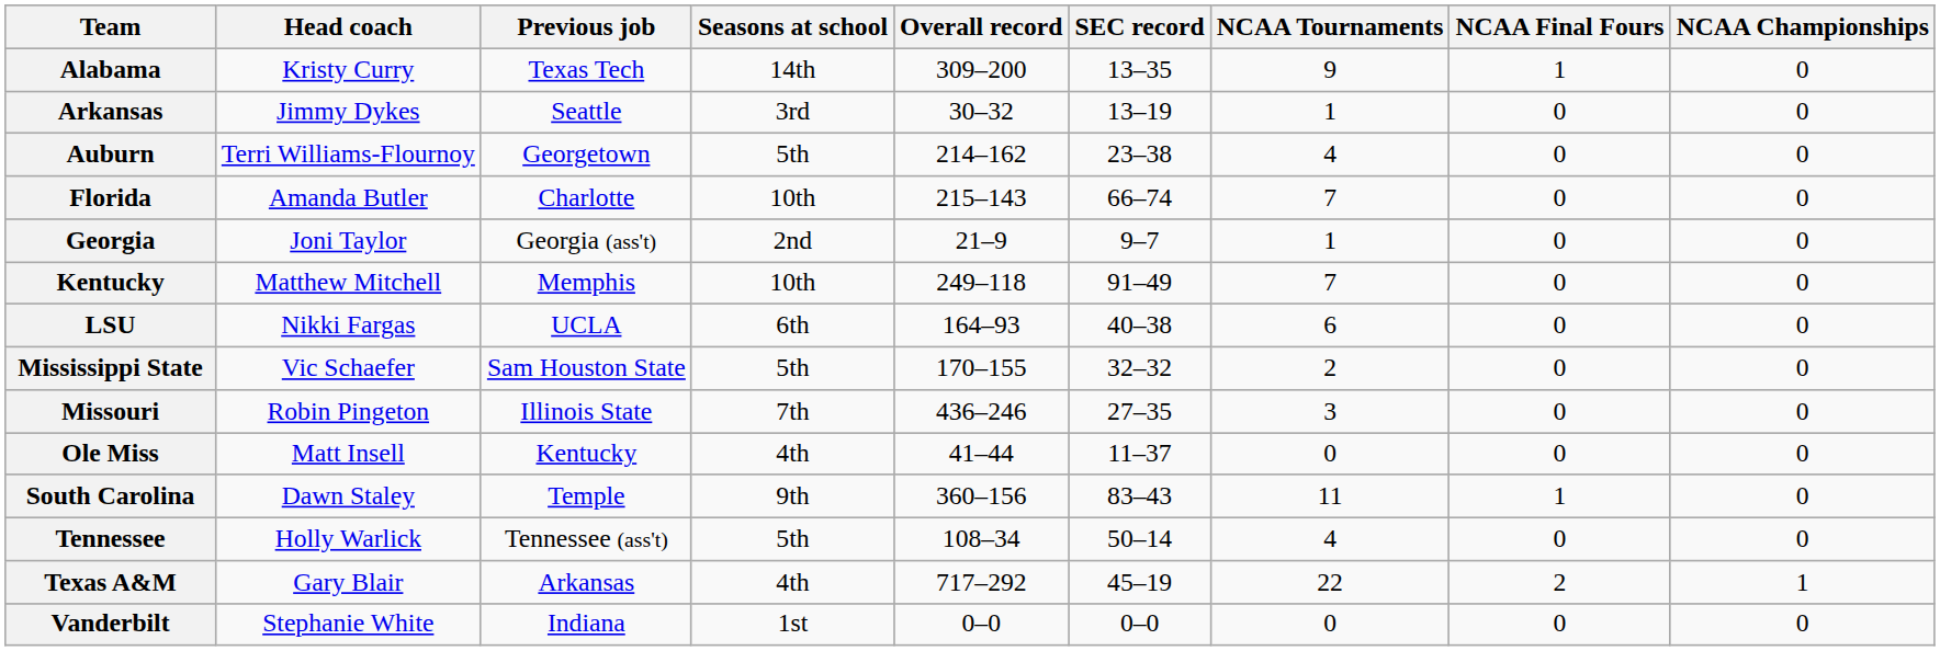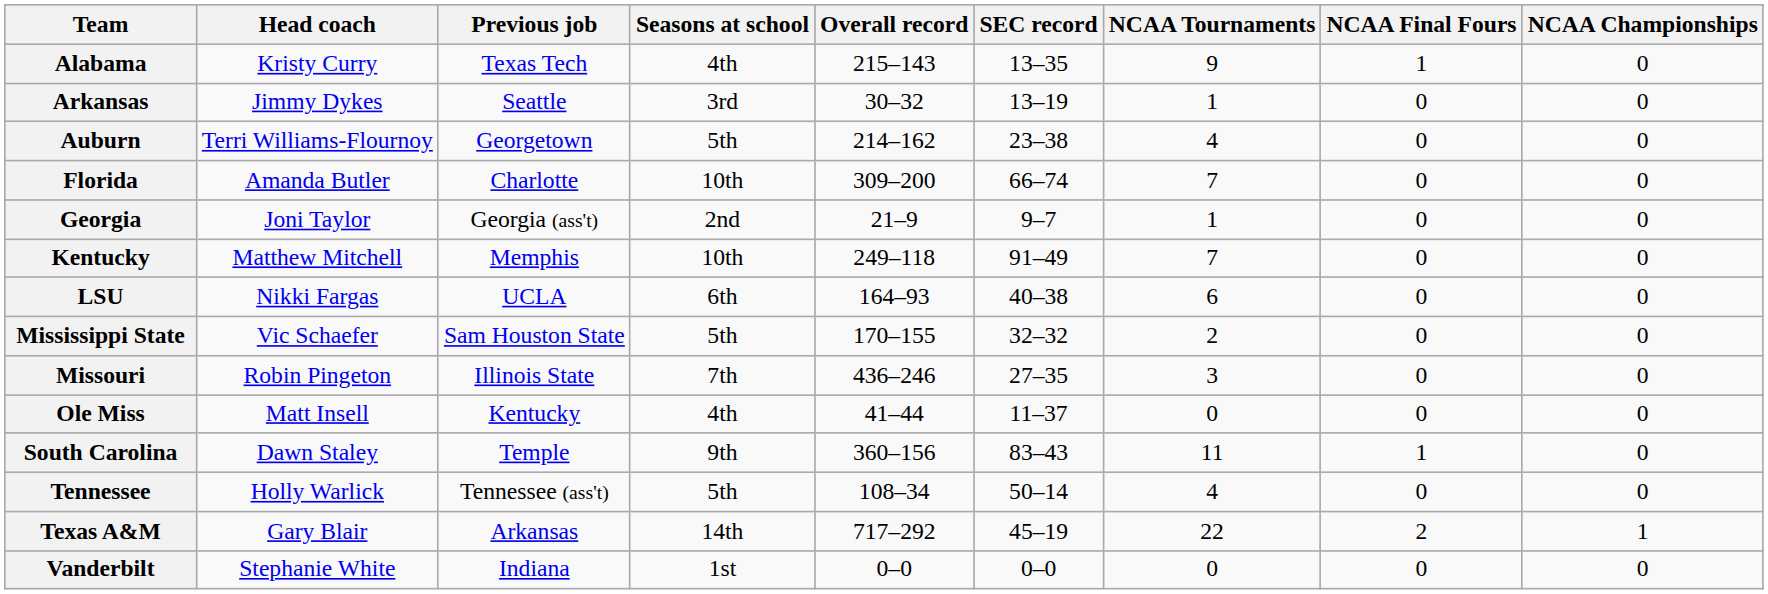 <table class="wikitable sortable" style="text-align: center;font-size:90%;">
 <tr>
 <th width="110">Team</th>
 <th>Head coach</th>
 <th>Previous job</th>
 <th>Seasons at school</th>
 <th>Overall record</th>
 <th>SEC record</th>
 <th>NCAA Tournaments</th>
 <th>NCAA Final Fours</th>
 <th>NCAA Championships</th>
 </tr>
 <tr>
 <th>Alabama</th>
 <td><a href='#'>Kristy Curry</a></td>
 <td><a href='#'>Texas Tech</a></td>
-<td>14th</td>
-<td>309–200</td>
+<td>4th</td>
+<td>215–143</td>
 <td>13–35</td>
 <td>9</td>
 <td>1</td>
 <td>0</td>
 </tr>
 <tr>
 <th>Arkansas</th>
 <td><a href='#'>Jimmy Dykes</a></td>
 <td><a href='#'>Seattle</a></td>
 <td>3rd</td>
 <td>30–32</td>
 <td>13–19</td>
 <td>1</td>
 <td>0</td>
 <td>0</td>
 </tr>
 <tr>
 <th>Auburn</th>
 <td><a href='#'>Terri Williams-Flournoy</a></td>
 <td><a href='#'>Georgetown</a></td>
 <td>5th</td>
 <td>214–162</td>
 <td>23–38</td>
 <td>4</td>
 <td>0</td>
 <td>0</td>
 </tr>
 <tr>
 <th>Florida</th>
 <td><a href='#'>Amanda Butler</a></td>
 <td><a href='#'>Charlotte</a></td>
 <td>10th</td>
-<td>215–143</td>
+<td>309–200</td>
 <td>66–74</td>
 <td>7</td>
 <td>0</td>
 <td>0</td>
 </tr>
 <tr>
 <th>Georgia</th>
 <td><a href='#'>Joni Taylor</a></td>
 <td>Georgia <small>(ass't)</small></td>
 <td>2nd</td>
 <td>21–9</td>
 <td>9–7</td>
 <td>1</td>
 <td>0</td>
 <td>0</td>
 </tr>
 <tr>
 <th>Kentucky</th>
 <td><a href='#'>Matthew Mitchell</a></td>
 <td><a href='#'>Memphis</a></td>
 <td>10th</td>
 <td>249–118</td>
 <td>91–49</td>
 <td>7</td>
 <td>0</td>
 <td>0</td>
 </tr>
 <tr>
 <th>LSU</th>
 <td><a href='#'>Nikki Fargas</a></td>
 <td><a href='#'>UCLA</a></td>
 <td>6th</td>
 <td>164–93</td>
 <td>40–38</td>
 <td>6</td>
 <td>0</td>
 <td>0</td>
 </tr>
 <tr>
 <th>Mississippi State</th>
 <td><a href='#'>Vic Schaefer</a></td>
 <td><a href='#'>Sam Houston State</a></td>
 <td>5th</td>
 <td>170–155</td>
 <td>32–32</td>
 <td>2</td>
 <td>0</td>
 <td>0</td>
 </tr>
 <tr>
 <th>Missouri</th>
 <td><a href='#'>Robin Pingeton</a></td>
 <td><a href='#'>Illinois State</a></td>
 <td>7th</td>
 <td>436–246</td>
 <td>27–35</td>
 <td>3</td>
 <td>0</td>
 <td>0</td>
 </tr>
 <tr>
 <th>Ole Miss</th>
 <td><a href='#'>Matt Insell</a></td>
 <td><a href='#'>Kentucky</a></td>
 <td>4th</td>
 <td>41–44</td>
 <td>11–37</td>
 <td>0</td>
 <td>0</td>
 <td>0</td>
 </tr>
 <tr>
 <th>South Carolina</th>
 <td><a href='#'>Dawn Staley</a></td>
 <td><a href='#'>Temple</a></td>
 <td>9th</td>
 <td>360–156</td>
 <td>83–43</td>
 <td>11</td>
 <td>1</td>
 <td>0</td>
 </tr>
 <tr>
 <th>Tennessee</th>
 <td><a href='#'>Holly Warlick</a></td>
 <td>Tennessee <small>(ass't)</small></td>
 <td>5th</td>
 <td>108–34</td>
 <td>50–14</td>
 <td>4</td>
 <td>0</td>
 <td>0</td>
 </tr>
 <tr>
 <th>Texas A&M</th>
 <td><a href='#'>Gary Blair</a></td>
 <td><a href='#'>Arkansas</a></td>
-<td>4th</td>
+<td>14th</td>
 <td>717–292</td>
 <td>45–19</td>
 <td>22</td>
 <td>2</td>
 <td>1</td>
 </tr>
 <tr>
 <th>Vanderbilt</th>
 <td><a href='#'>Stephanie White</a></td>
 <td><a href='#'>Indiana</a></td>
 <td>1st</td>
 <td>0–0</td>
 <td>0–0</td>
 <td>0</td>
 <td>0</td>
 <td>0</td>
 </tr>
 </table>
